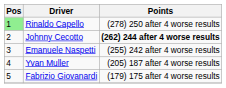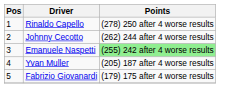 <table class="wikitable" style="font-size: 85%;">
 <tr>
 <th>Pos</th>
 <th>Driver</th>
 <th>Points</th>
 </tr>
 <tr>
-<td style="background: lightgreen;">1</td>
+<td>1</td>
 <td> <a href='#'>Rinaldo Capello</a></td>
 <td align="right">(278) 250 after 4 worse results</td>
 </tr>
 <tr>
 <td>2</td>
 <td> <a href='#'>Johnny Cecotto</a></td>
-<td align="right"><strong>(262) 244 after 4 worse results</strong></td>
+<td align="right">(262) 244 after 4 worse results</td>
 </tr>
 <tr>
 <td>3</td>
 <td> <a href='#'>Emanuele Naspetti</a></td>
-<td align="right">(255) 242 after 4 worse results</td>
+<td align="right" style="background: lightgreen;">(255) 242 after 4 worse results</td>
 </tr>
 <tr>
 <td>4</td>
 <td> <a href='#'>Yvan Muller</a></td>
 <td align="right">(205) 187 after 4 worse results</td>
 </tr>
 <tr>
 <td>5</td>
 <td> <a href='#'>Fabrizio Giovanardi</a></td>
 <td align="right">(179) 175 after 4 worse results</td>
 </tr>
 <tr>
 </tr>
 </table>
